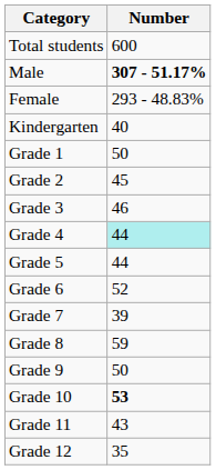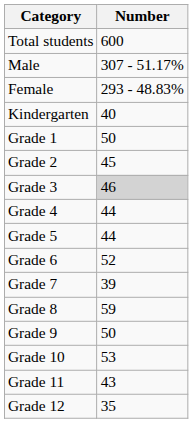 <table class="wikitable">
 <tr>
 <th>Category</th>
 <th>Number</th>
 </tr>
 <tr>
 <td>Total students</td>
 <td>600</td>
 </tr>
 <tr>
 <td>Male</td>
-<td><strong>307 - 51.17%</strong></td>
+<td>307 - 51.17%</td>
 </tr>
 <tr>
 <td>Female</td>
 <td>293 - 48.83%</td>
 </tr>
 <tr>
 <td>Kindergarten</td>
 <td>40</td>
 </tr>
 <tr>
 <td>Grade 1</td>
 <td>50</td>
 </tr>
 <tr>
 <td>Grade 2</td>
 <td>45</td>
 </tr>
 <tr>
 <td>Grade 3</td>
-<td>46</td>
+<td style="background: lightgrey;">46</td>
 </tr>
 <tr>
 <td>Grade 4</td>
-<td style="background: paleturquoise;">44</td>
+<td>44</td>
 </tr>
 <tr>
 <td>Grade 5</td>
 <td>44</td>
 </tr>
 <tr>
 <td>Grade 6</td>
 <td>52</td>
 </tr>
 <tr>
 <td>Grade 7</td>
 <td>39</td>
 </tr>
 <tr>
 <td>Grade 8</td>
 <td>59</td>
 </tr>
 <tr>
 <td>Grade 9</td>
 <td>50</td>
 </tr>
 <tr>
 <td>Grade 10</td>
-<td><strong>53</strong></td>
+<td>53</td>
 </tr>
 <tr>
 <td>Grade 11</td>
 <td>43</td>
 </tr>
 <tr>
 <td>Grade 12</td>
 <td>35</td>
 </tr>
 </table>
